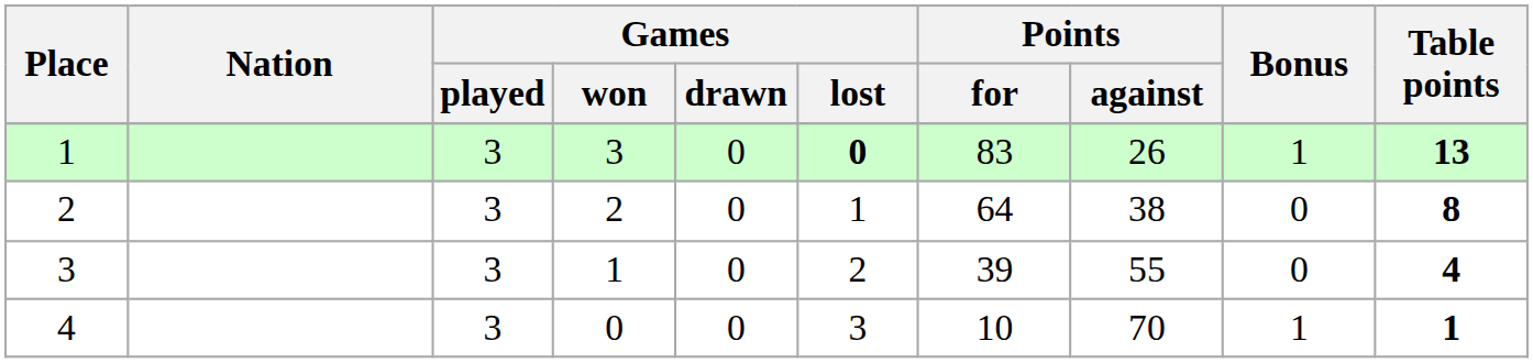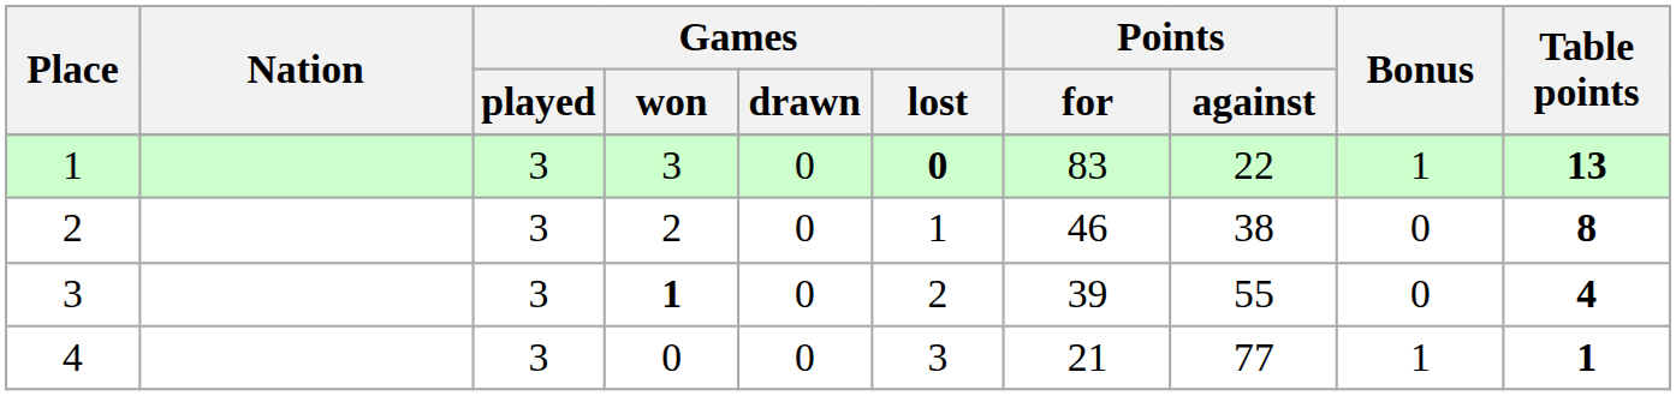 <table class="wikitable">
 <tr>
 <th rowspan=2 width="8%">Place</th>
 <th rowspan=2 width="20%">Nation</th>
 <th colspan=4 width="32%">Games</th>
 <th colspan=2 width="30%">Points</th>
 <th rowspan=2 width="10%">Bonus</th>
 <th rowspan=2 width="10%">Table<br>points</th>
 </tr>
 <tr>
 <th width="8%">played</th>
 <th width="8%">won</th>
 <th width="8%">drawn</th>
 <th width="8%">lost</th>
 <th width="10%">for</th>
 <th width="10%">against</th>
 </tr>
 <tr>
 </tr>
 <tr bgcolor=#ccffcc align=center>
 <td>1</td>
 <td align=left></td>
 <td>3</td>
 <td>3</td>
 <td>0</td>
 <td><strong>0</strong></td>
 <td>83</td>
-<td>26</td>
+<td>22</td>
 <td>1</td>
 <td><strong>13</strong></td>
 </tr>
 <tr bgcolor=#ffffff align=center>
 <td>2</td>
 <td align=left></td>
 <td>3</td>
 <td>2</td>
 <td>0</td>
 <td>1</td>
-<td>64</td>
+<td>46</td>
 <td>38</td>
 <td>0</td>
 <td><strong>8</strong></td>
 </tr>
 <tr bgcolor=#ffffff align=center>
 <td>3</td>
 <td align=left></td>
 <td>3</td>
-<td>1</td>
+<td><strong>1</strong></td>
 <td>0</td>
 <td>2</td>
 <td>39</td>
 <td>55</td>
 <td>0</td>
 <td><strong>4</strong></td>
 </tr>
 <tr bgcolor=#ffffff align=center>
 <td>4</td>
 <td align=left></td>
 <td>3</td>
 <td>0</td>
 <td>0</td>
 <td>3</td>
-<td>10</td>
-<td>70</td>
+<td>21</td>
+<td>77</td>
 <td>1</td>
 <td><strong>1</strong></td>
 </tr>
 </table>
